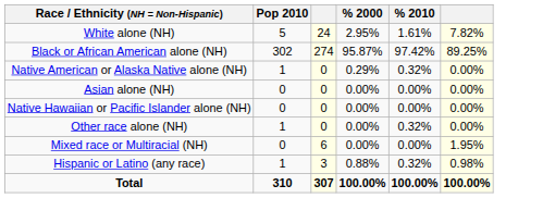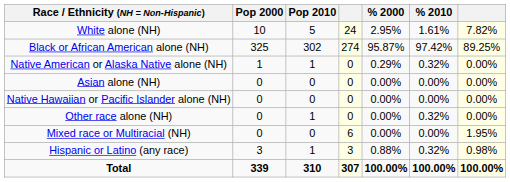 <table class="wikitable" style="text-align:center;">
 <tr>
 <th>Race / Ethnicity <small>(<em>NH = Non-Hispanic</em>)</small></th>
+<th>Pop 2000</th>
 <th>Pop 2010</th>
 <th></th>
 <th>% 2000</th>
 <th>% 2010</th>
 <th></th>
 </tr>
 <tr>
 <td><a href='#'>White</a> alone (NH)</td>
+<td>10</td>
 <td>5</td>
 <td style='background: #ffffe6;'>24</td>
 <td>2.95%</td>
 <td>1.61%</td>
 <td style='background: #ffffe6;'>7.82%</td>
 </tr>
 <tr>
 <td><a href='#'>Black or African American</a> alone (NH)</td>
+<td>325</td>
 <td>302</td>
 <td style='background: #ffffe6;'>274</td>
 <td>95.87%</td>
 <td>97.42%</td>
 <td style='background: #ffffe6;'>89.25%</td>
 </tr>
 <tr>
 <td><a href='#'>Native American</a> or <a href='#'>Alaska Native</a> alone (NH)</td>
 <td>1</td>
+<td>1</td>
 <td style='background: #ffffe6;'>0</td>
 <td>0.29%</td>
 <td>0.32%</td>
 <td style='background: #ffffe6;'>0.00%</td>
 </tr>
 <tr>
 <td><a href='#'>Asian</a> alone (NH)</td>
+<td>0</td>
 <td>0</td>
 <td style='background: #ffffe6;'>0</td>
 <td>0.00%</td>
 <td>0.00%</td>
 <td style='background: #ffffe6;'>0.00%</td>
 </tr>
 <tr>
 <td><a href='#'>Native Hawaiian</a> or <a href='#'>Pacific Islander</a> alone (NH)</td>
 <td>0</td>
+<td>0</td>
 <td style='background: #ffffe6;'>0</td>
 <td>0.00%</td>
 <td>0.00%</td>
 <td style='background: #ffffe6;'>0.00%</td>
 </tr>
 <tr>
 <td><a href='#'>Other race</a> alone (NH)</td>
+<td>0</td>
 <td>1</td>
 <td style='background: #ffffe6;'>0</td>
 <td>0.00%</td>
 <td>0.32%</td>
 <td style='background: #ffffe6;'>0.00%</td>
 </tr>
 <tr>
 <td><a href='#'>Mixed race or Multiracial</a> (NH)</td>
 <td>0</td>
+<td>0</td>
 <td style='background: #ffffe6;'>6</td>
 <td>0.00%</td>
 <td>0.00%</td>
 <td style='background: #ffffe6;'>1.95%</td>
 </tr>
 <tr>
 <td><a href='#'>Hispanic or Latino</a> (any race)</td>
+<td>3</td>
 <td>1</td>
 <td style='background: #ffffe6;'>3</td>
 <td>0.88%</td>
 <td>0.32%</td>
 <td style='background: #ffffe6;'>0.98%</td>
 </tr>
 <tr>
 <td><strong>Total</strong></td>
+<td><strong>339</strong></td>
 <td><strong>310</strong></td>
 <td style='background: #ffffe6;'><strong>307</strong></td>
 <td><strong>100.00%</strong></td>
 <td><strong>100.00%</strong></td>
 <td style='background: #ffffe6;'><strong>100.00%</strong></td>
 </tr>
 </table>
